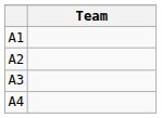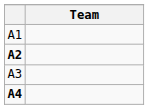 <table class="wikitable" style="display:inline-table;">
 <tr>
 </tr>
 <tr>
 <th></th>
 <th width="120">Team</th>
 </tr>
 <tr>
 <td align=center>A1</td>
 <td></td>
 </tr>
 <tr>
-<td align=center>A2</td>
+<td align=center><strong>A2</strong></td>
 <td></td>
 </tr>
 <tr>
 <td align=center>A3</td>
 <td></td>
 </tr>
 <tr>
-<td align=center>A4</td>
+<td align=center><strong>A4</strong></td>
 <td></td>
 </tr>
 </table>
